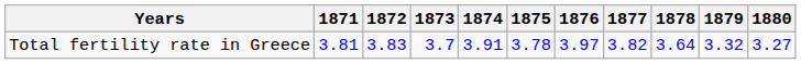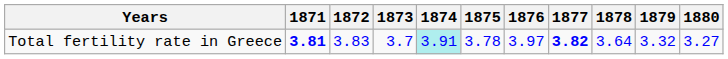 <table class="wikitable " style="text-align:right">
 <tr>
 <th>Years</th>
 <th>1871</th>
 <th>1872</th>
 <th>1873</th>
 <th>1874</th>
 <th>1875</th>
 <th>1876</th>
 <th>1877</th>
 <th>1878</th>
 <th>1879</th>
 <th>1880</th>
 </tr>
 <tr>
 <td align="left">Total fertility rate in Greece</td>
-<td style="text-align:right; color:blue;">3.81</td>
+<td style="text-align:right; color:blue;"><strong>3.81</strong></td>
 <td style="text-align:right; color:blue;">3.83</td>
 <td style="text-align:right; color:blue;">3.7</td>
-<td style="text-align:right; color:blue;">3.91</td>
+<td style="background: paleturquoise; text-align:right; color:blue;">3.91</td>
 <td style="text-align:right; color:blue;">3.78</td>
 <td style="text-align:right; color:blue;">3.97</td>
-<td style="text-align:right; color:blue;">3.82</td>
+<td style="text-align:right; color:blue;"><strong>3.82</strong></td>
 <td style="text-align:right; color:blue;">3.64</td>
 <td style="text-align:right; color:blue;">3.32</td>
 <td style="text-align:right; color:blue;">3.27</td>
 </tr>
 </table>
